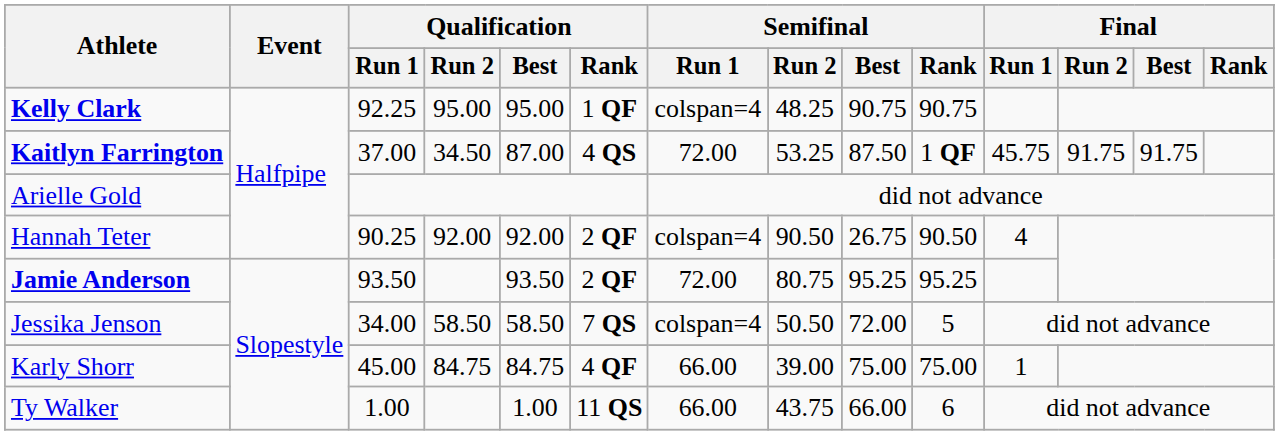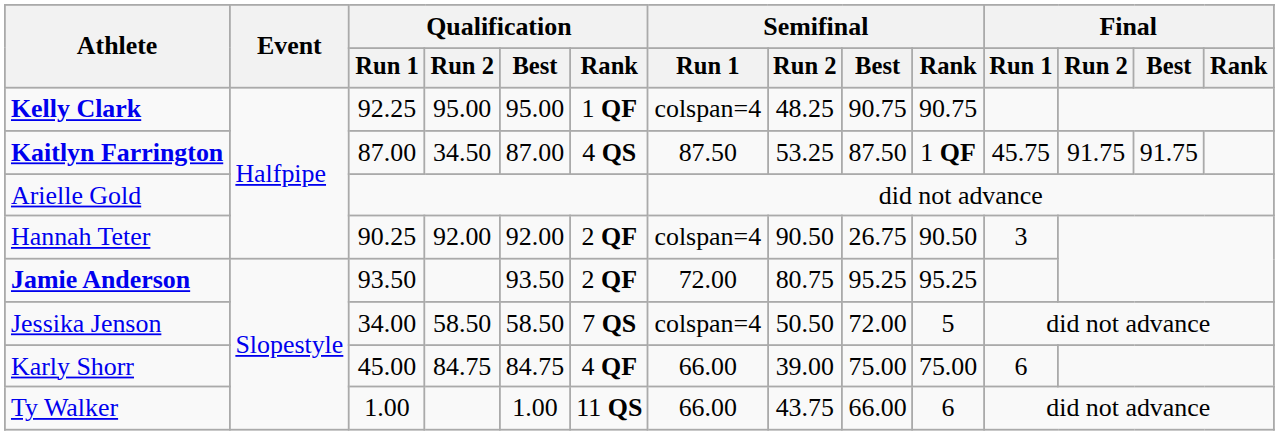 <table class=wikitable style=font-size:90%;text-align:center>
 <tr>
 <th rowspan=2>Athlete</th>
 <th rowspan=2>Event</th>
 <th colspan=4>Qualification</th>
 <th colspan=4>Semifinal</th>
 <th colspan=4>Final</th>
 </tr>
 <tr style=font-size:95%>
 <th>Run 1</th>
 <th>Run 2</th>
 <th>Best</th>
 <th>Rank</th>
 <th>Run 1</th>
 <th>Run 2</th>
 <th>Best</th>
 <th>Rank</th>
 <th>Run 1</th>
 <th>Run 2</th>
 <th>Best</th>
 <th>Rank</th>
 </tr>
 <tr>
 <td align=left><strong><a href='#'>Kelly Clark</a></strong></td>
 <td align=left rowspan=4><a href='#'>Halfpipe</a></td>
 <td>92.25</td>
 <td>95.00</td>
 <td>95.00</td>
 <td>1 <strong>QF</strong></td>
 <td>colspan=4 </td>
 <td>48.25</td>
 <td>90.75</td>
 <td>90.75</td>
 <td></td>
 </tr>
 <tr>
 <td align=left><strong><a href='#'>Kaitlyn Farrington</a></strong></td>
-<td>37.00</td>
+<td>87.00</td>
 <td>34.50</td>
 <td>87.00</td>
 <td>4 <strong>QS</strong></td>
-<td>72.00</td>
+<td>87.50</td>
 <td>53.25</td>
 <td>87.50</td>
 <td>1 <strong>QF</strong></td>
 <td>45.75</td>
 <td>91.75</td>
 <td>91.75</td>
 <td></td>
 </tr>
 <tr>
 <td align=left><a href='#'>Arielle Gold</a></td>
 <td colspan=4></td>
 <td colspan=8>did not advance</td>
 </tr>
 <tr>
 <td align=left><a href='#'>Hannah Teter</a></td>
 <td>90.25</td>
 <td>92.00</td>
 <td>92.00</td>
 <td>2 <strong>QF</strong></td>
 <td>colspan=4 </td>
 <td>90.50</td>
 <td>26.75</td>
 <td>90.50</td>
-<td>4</td>
+<td>3</td>
 </tr>
 <tr>
 <td align=left><strong><a href='#'>Jamie Anderson</a></strong></td>
 <td align=left rowspan=4><a href='#'>Slopestyle</a></td>
 <td>93.50</td>
 <td></td>
 <td>93.50</td>
 <td>2 <strong>QF</strong></td>
 <td>72.00</td>
 <td>80.75</td>
 <td>95.25</td>
 <td>95.25</td>
 <td></td>
 </tr>
 <tr>
 <td align=left><a href='#'>Jessika Jenson</a></td>
 <td>34.00</td>
 <td>58.50</td>
 <td>58.50</td>
 <td>7 <strong>QS</strong></td>
 <td>colspan=4 </td>
 <td>50.50</td>
 <td>72.00</td>
 <td>5</td>
 <td colspan=4>did not advance</td>
 </tr>
 <tr>
 <td align=left><a href='#'>Karly Shorr</a></td>
 <td>45.00</td>
 <td>84.75</td>
 <td>84.75</td>
 <td>4 <strong>QF</strong></td>
 <td>66.00</td>
 <td>39.00</td>
 <td>75.00</td>
 <td>75.00</td>
-<td>1</td>
+<td>6</td>
 </tr>
 <tr>
 <td align=left><a href='#'>Ty Walker</a></td>
 <td>1.00</td>
 <td></td>
 <td>1.00</td>
 <td>11 <strong>QS</strong></td>
 <td>66.00</td>
 <td>43.75</td>
 <td>66.00</td>
 <td>6</td>
 <td colspan=4>did not advance</td>
 </tr>
 </table>
